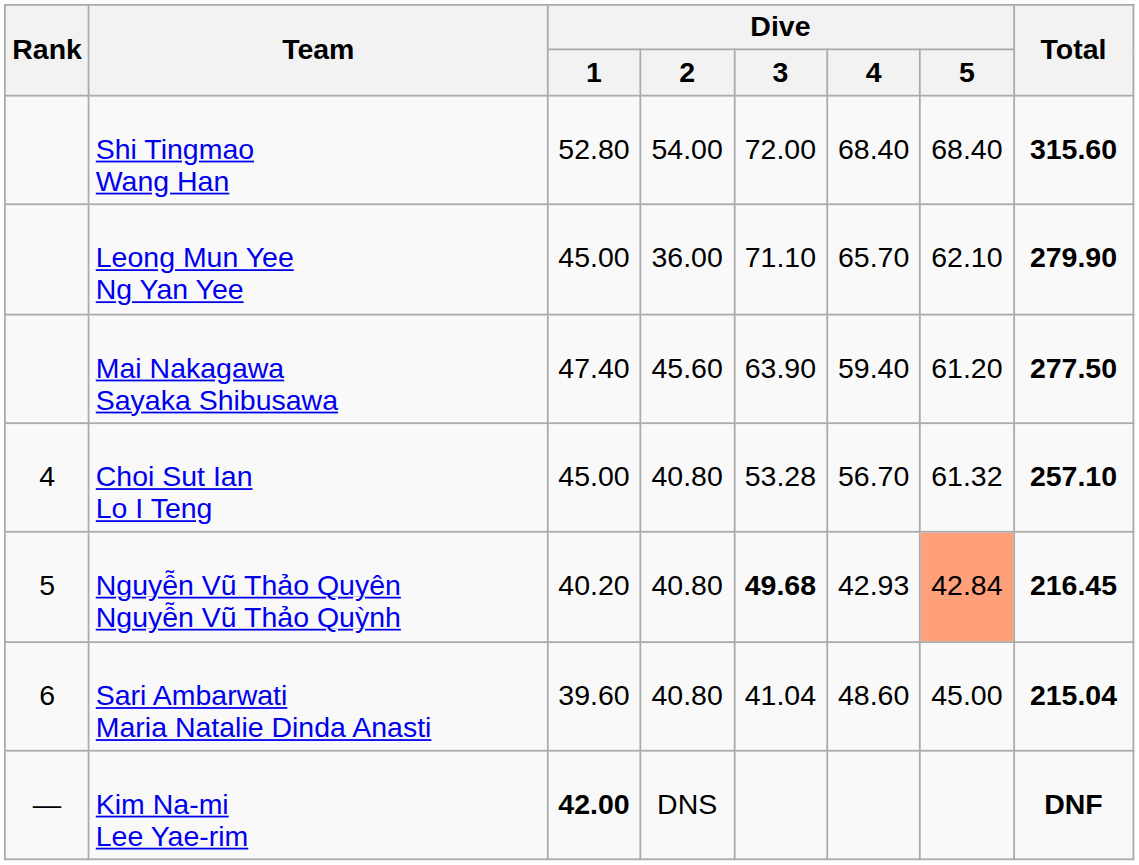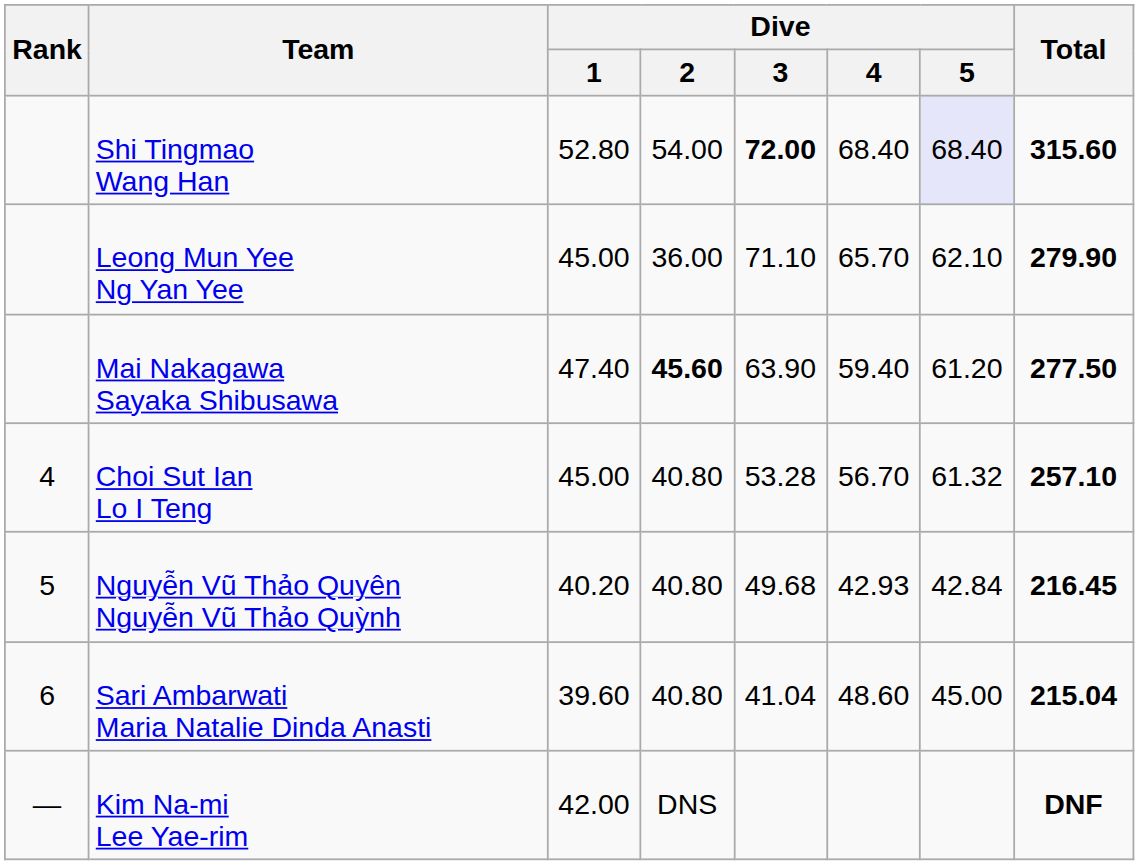 <table class=wikitable style="text-align:center">
 <tr>
 <th rowspan="2" width=40>Rank</th>
 <th rowspan="2" width=250>Team</th>
 <th colspan="5">Dive</th>
 <th rowspan="2" width=60>Total</th>
 </tr>
 <tr>
 <th width=45>1</th>
 <th width=45>2</th>
 <th width=45>3</th>
 <th width=45>4</th>
 <th width=45>5</th>
 </tr>
 <tr>
 <td></td>
 <td align=left><br><a href='#'>Shi Tingmao</a><br><a href='#'>Wang Han</a></td>
 <td>52.80</td>
 <td>54.00</td>
-<td>72.00</td>
+<td><strong>72.00</strong></td>
 <td>68.40</td>
-<td>68.40</td>
+<td style="background: lavender;">68.40</td>
 <td><strong>315.60</strong></td>
 </tr>
 <tr>
 <td></td>
 <td align=left><br><a href='#'>Leong Mun Yee</a><br><a href='#'>Ng Yan Yee</a></td>
 <td>45.00</td>
 <td>36.00</td>
 <td>71.10</td>
 <td>65.70</td>
 <td>62.10</td>
 <td><strong>279.90</strong></td>
 </tr>
 <tr>
 <td></td>
 <td align=left><br><a href='#'>Mai Nakagawa</a><br><a href='#'>Sayaka Shibusawa</a></td>
 <td>47.40</td>
-<td>45.60</td>
+<td><strong>45.60</strong></td>
 <td>63.90</td>
 <td>59.40</td>
 <td>61.20</td>
 <td><strong>277.50</strong></td>
 </tr>
 <tr>
 <td>4</td>
 <td align=left><br><a href='#'>Choi Sut Ian</a><br><a href='#'>Lo I Teng</a></td>
 <td>45.00</td>
 <td>40.80</td>
 <td>53.28</td>
 <td>56.70</td>
 <td>61.32</td>
 <td><strong>257.10</strong></td>
 </tr>
 <tr>
 <td>5</td>
 <td align=left><br><a href='#'>Nguyễn Vũ Thảo Quyên</a><br><a href='#'>Nguyễn Vũ Thảo Quỳnh</a></td>
 <td>40.20</td>
 <td>40.80</td>
-<td><strong>49.68</strong></td>
+<td>49.68</td>
 <td>42.93</td>
-<td style="background: lightsalmon;">42.84</td>
+<td>42.84</td>
 <td><strong>216.45</strong></td>
 </tr>
 <tr>
 <td>6</td>
 <td align=left><br><a href='#'>Sari Ambarwati</a><br><a href='#'>Maria Natalie Dinda Anasti</a></td>
 <td>39.60</td>
 <td>40.80</td>
 <td>41.04</td>
 <td>48.60</td>
 <td>45.00</td>
 <td><strong>215.04</strong></td>
 </tr>
 <tr>
 <td>—</td>
 <td align=left><br><a href='#'>Kim Na-mi</a><br><a href='#'>Lee Yae-rim</a></td>
-<td><strong>42.00</strong></td>
+<td>42.00</td>
 <td>DNS</td>
 <td></td>
 <td></td>
 <td></td>
 <td><strong>DNF</strong></td>
 </tr>
 </table>
